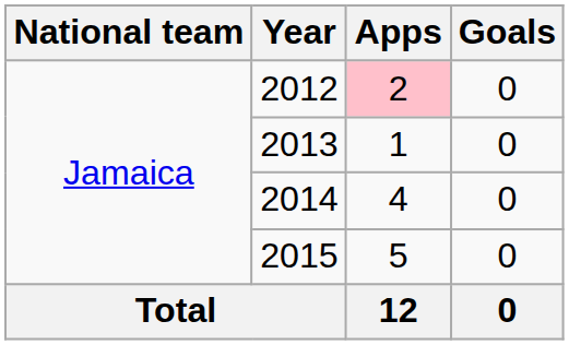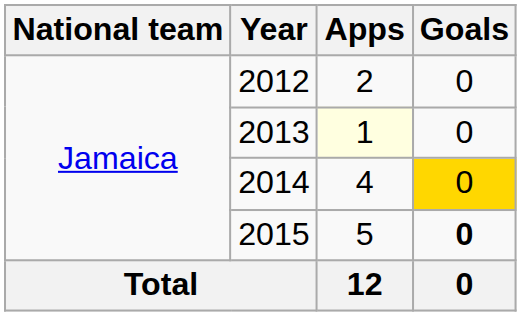 <table class="wikitable" style="font-size:100%; text-align: center">
 <tr>
 <th>National team</th>
 <th>Year</th>
 <th>Apps</th>
 <th>Goals</th>
 </tr>
 <tr>
 <td rowspan="4"><a href='#'>Jamaica</a></td>
 <td>2012</td>
-<td style="background: pink;">2</td>
+<td>2</td>
 <td>0</td>
 </tr>
 <tr>
 <td>2013</td>
-<td>1</td>
+<td style="background: lightyellow;">1</td>
 <td>0</td>
 </tr>
 <tr>
 <td>2014</td>
 <td>4</td>
-<td>0</td>
+<td style="background: gold;">0</td>
 </tr>
 <tr>
 <td>2015</td>
 <td>5</td>
-<td>0</td>
+<td><strong>0</strong></td>
 </tr>
 <tr>
 <th colspan=2>Total</th>
 <th>12</th>
 <th>0</th>
 </tr>
 </table>
